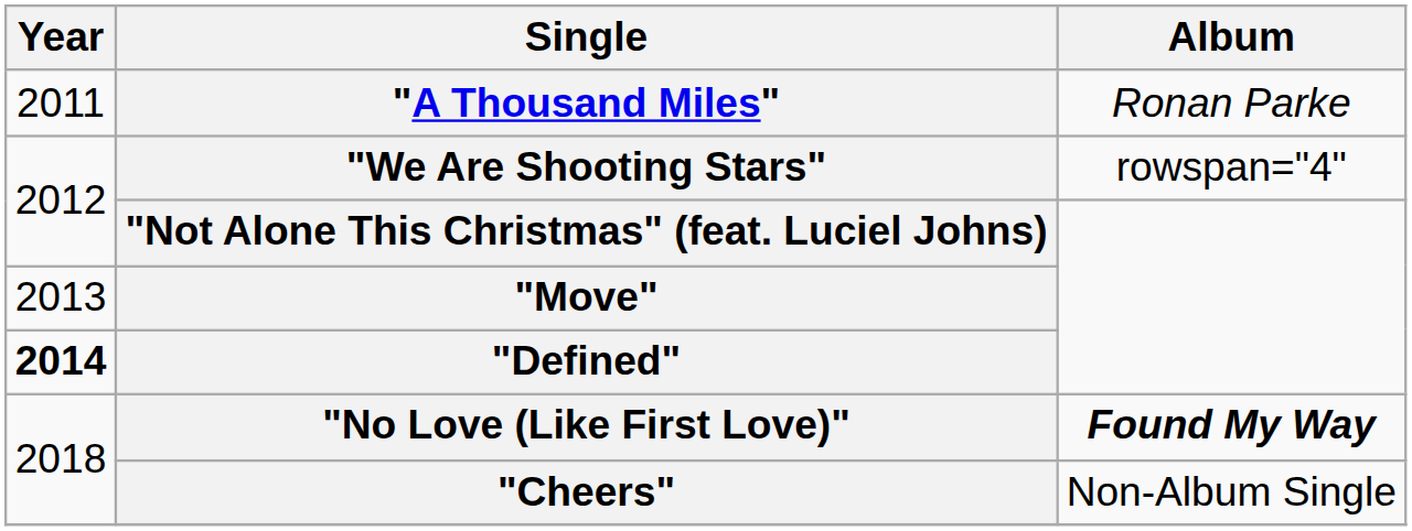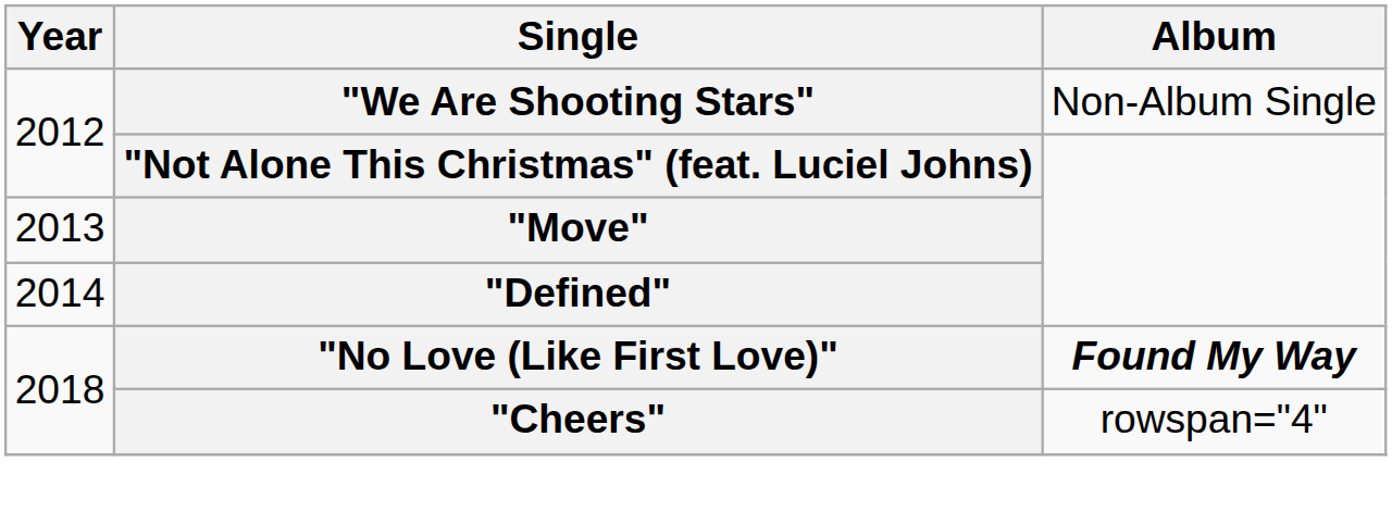 <table class="wikitable plainrowheaders" style="text-align:center;">
 <tr>
 <th scope="col" rowspan="1">Year</th>
 <th scope="col" rowspan="1">Single</th>
 <th scope="col" rowspan="1">Album</th>
 </tr>
 <tr>
-<td>2011</td>
-<th scope="row">"<a href='#'>A Thousand Miles</a>"</th>
-<td><em>Ronan Parke</em></td>
-</tr>
-<tr>
 <td rowspan="2">2012</td>
 <th scope="row">"We Are Shooting Stars"</th>
-<td>rowspan="4" </td>
+<td>Non-Album Single</td>
 </tr>
 <tr>
 <th scope="row">"Not Alone This Christmas" (feat. Luciel Johns)</th>
 </tr>
 <tr>
 <td>2013</td>
 <th scope="row">"Move"</th>
 </tr>
 <tr>
-<td><strong>2014</strong></td>
+<td>2014</td>
 <th scope="row">"Defined"</th>
 </tr>
 <tr>
 <td rowspan="2">2018</td>
 <th scope="row">"No Love (Like First Love)"</th>
 <td><strong><em>Found My Way</em></strong></td>
 </tr>
 <tr>
 <th scope="row">"Cheers"</th>
-<td>Non-Album Single</td>
+<td>rowspan="4" </td>
 </tr>
 <tr>
 </tr>
 </table>
